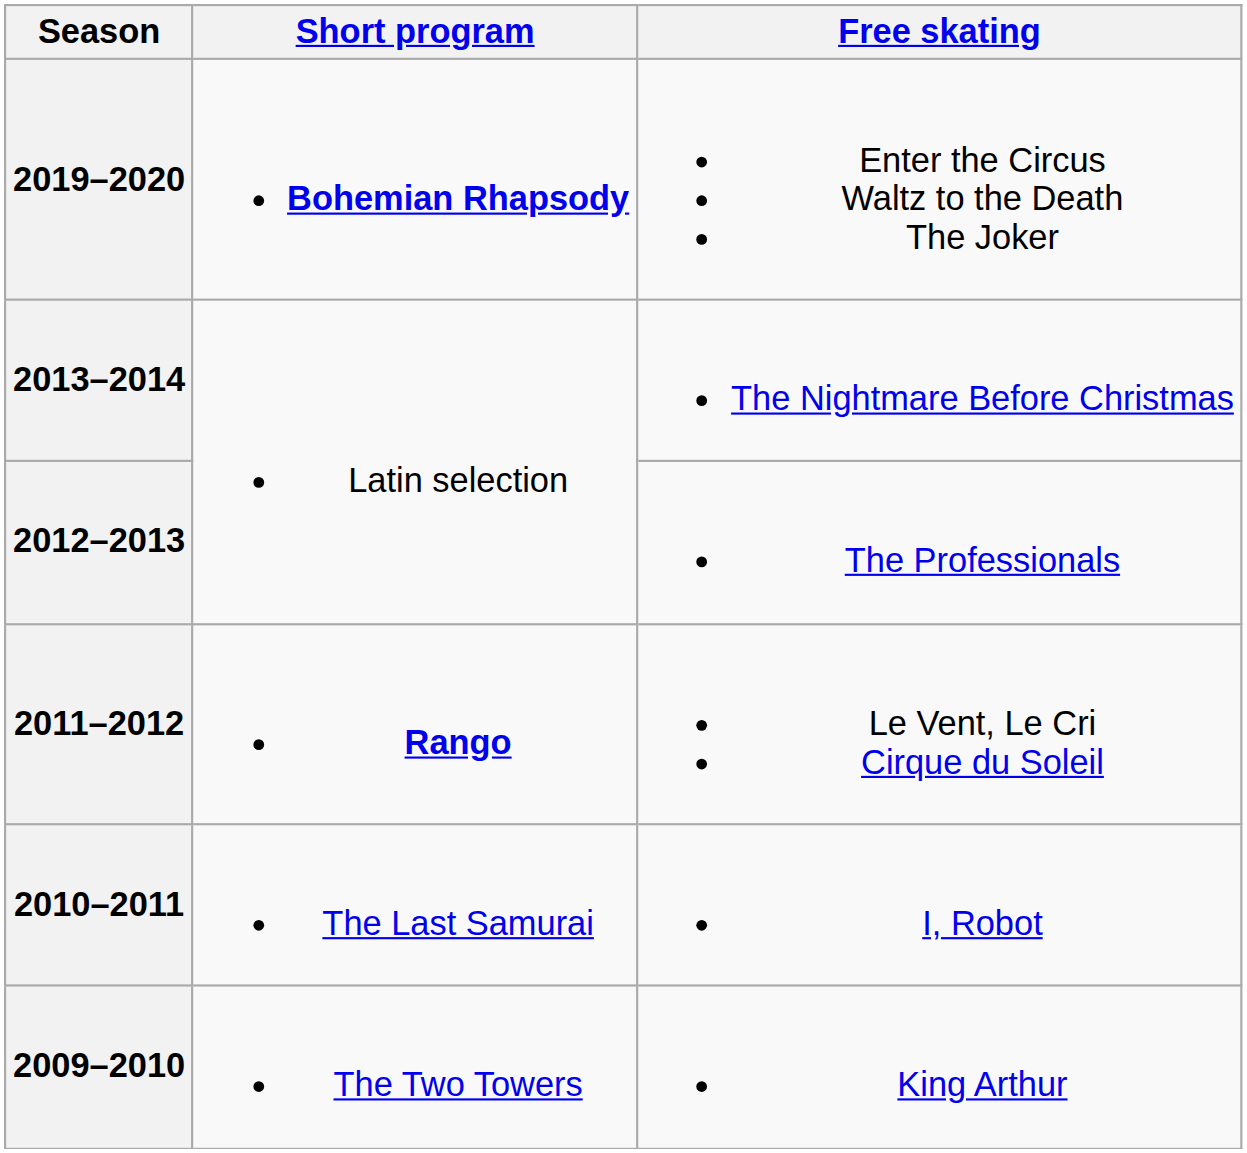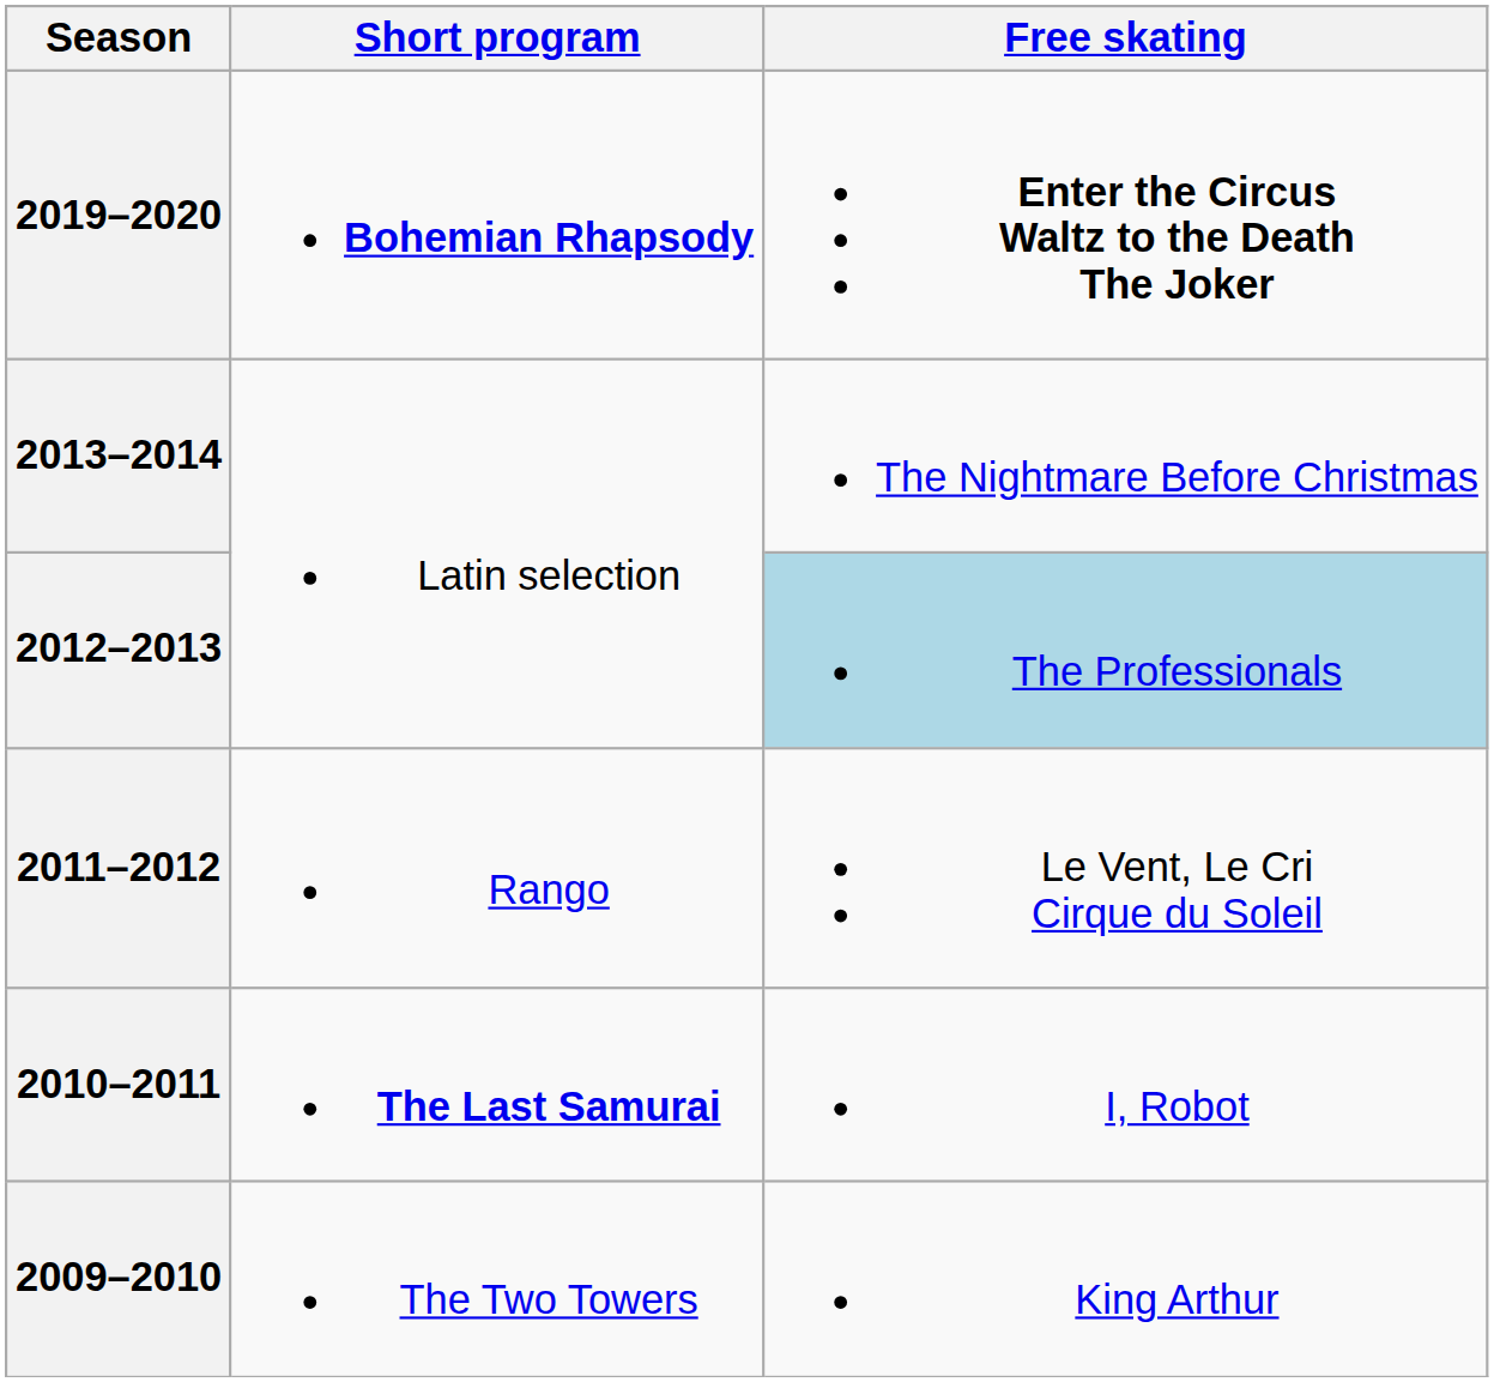 <table class="wikitable" style="text-align:center">
 <tr>
 <th>Season</th>
 <th><a href='#'>Short program</a></th>
 <th><a href='#'>Free skating</a></th>
 </tr>
 <tr>
 <th>2019–2020 <br></th>
 <td><strong><br><ul><li><a href='#'>Bohemian Rhapsody</a> <br></li></ul></strong></td>
-<td><br><ul><li>Enter the Circus <br></li><li>Waltz to the Death <br></li><li>The Joker <br></li></ul></td>
+<td><strong><br><ul><li>Enter the Circus <br></li><li>Waltz to the Death <br></li><li>The Joker <br></li></ul></strong></td>
 </tr>
 <tr>
 <th>2013–2014 <br></th>
 <td rowspan=2><br><ul><li>Latin selection</li></ul></td>
 <td><br><ul><li><a href='#'>The Nightmare Before Christmas</a> <br></li></ul></td>
 </tr>
 <tr>
 <th>2012–2013 <br></th>
-<td><br><ul><li><a href='#'>The Professionals</a> <br></li></ul></td>
+<td style="background: lightblue;"><br><ul><li><a href='#'>The Professionals</a> <br></li></ul></td>
 </tr>
 <tr>
 <th>2011–2012 <br></th>
-<td><strong><br><ul><li><a href='#'>Rango</a> <br></li></ul></strong></td>
+<td><br><ul><li><a href='#'>Rango</a> <br></li></ul></td>
 <td><br><ul><li>Le Vent, Le Cri <br></li><li><a href='#'>Cirque du Soleil</a></li></ul></td>
 </tr>
 <tr>
 <th>2010–2011 <br></th>
-<td><br><ul><li><a href='#'>The Last Samurai</a> <br></li></ul></td>
+<td><strong><br><ul><li><a href='#'>The Last Samurai</a> <br></li></ul></strong></td>
 <td><br><ul><li><a href='#'>I, Robot</a> <br></li></ul></td>
 </tr>
 <tr>
 <th>2009–2010 <br></th>
 <td><br><ul><li><a href='#'>The Two Towers</a> <br></li></ul></td>
 <td><br><ul><li><a href='#'>King Arthur</a> <br></li></ul></td>
 </tr>
 </table>
